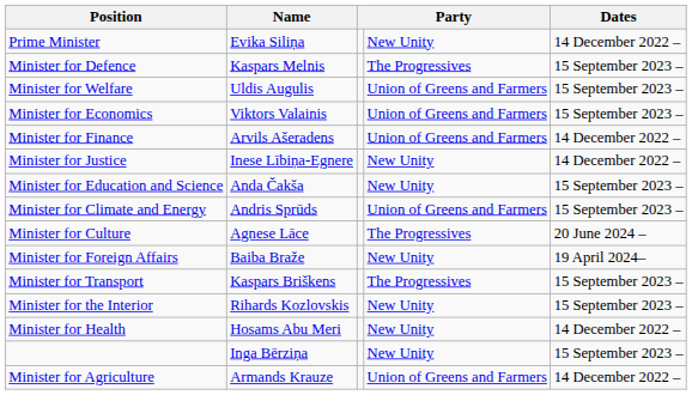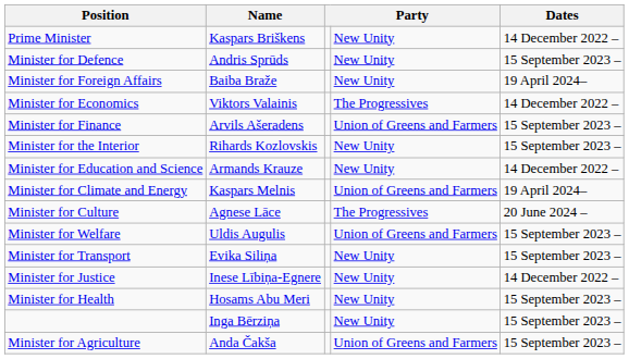 <table class="wikitable">
 <tr>
 <th>Position</th>
 <th>Name</th>
 <th colspan="2">Party</th>
 <th>Dates</th>
 </tr>
 <tr>
 <td><a href='#'>Prime Minister</a></td>
-<td><a href='#'>Evika Siliņa</a></td>
+<td><a href='#'>Kaspars Briškens</a></td>
 <td style="background-color: "></td>
 <td><a href='#'>New Unity</a></td>
 <td>14 December 2022 –</td>
 </tr>
 <tr>
 <td><a href='#'>Minister for Defence</a></td>
-<td><a href='#'>Kaspars Melnis</a></td>
-<td style="background-color: "></td>
-<td><a href='#'>The Progressives</a></td>
-<td>15 September 2023 –</td>
-</tr>
-<tr>
-<td><a href='#'>Minister for Welfare</a></td>
-<td><a href='#'>Uldis Augulis</a></td>
-<td style="background-color: "></td>
-<td><a href='#'>Union of Greens and Farmers</a></td>
-<td>15 September 2023 –</td>
-</tr>
-<tr>
-<td><a href='#'>Minister for Economics</a></td>
-<td><a href='#'>Viktors Valainis</a></td>
-<td style="background-color: "></td>
-<td><a href='#'>Union of Greens and Farmers</a></td>
-<td>15 September 2023 –</td>
-</tr>
-<tr>
-<td><a href='#'>Minister for Finance</a></td>
-<td><a href='#'>Arvils Ašeradens</a></td>
-<td style="background-color: "></td>
-<td><a href='#'>Union of Greens and Farmers</a></td>
-<td>14 December 2022 –</td>
-</tr>
-<tr>
-<td><a href='#'>Minister for Justice</a></td>
-<td><a href='#'>Inese Lībiņa-Egnere</a></td>
-<td style="background-color: "></td>
-<td><a href='#'>New Unity</a></td>
-<td>14 December 2022 –</td>
-</tr>
-<tr>
-<td><a href='#'>Minister for Education and Science</a></td>
-<td><a href='#'>Anda Čakša</a></td>
+<td><a href='#'>Andris Sprūds</a></td>
 <td style="background-color: "></td>
 <td><a href='#'>New Unity</a></td>
 <td>15 September 2023 –</td>
-</tr>
-<tr>
-<td><a href='#'>Minister for Climate and Energy</a></td>
-<td><a href='#'>Andris Sprūds</a></td>
-<td style="background-color: "></td>
-<td><a href='#'>Union of Greens and Farmers</a></td>
-<td>15 September 2023 –</td>
-</tr>
-<tr>
-<td><a href='#'>Minister for Culture</a></td>
-<td><a href='#'>Agnese Lāce</a></td>
-<td style="background-color: "></td>
-<td><a href='#'>The Progressives</a></td>
-<td>20 June 2024 –</td>
 </tr>
 <tr>
 <td><a href='#'>Minister for Foreign Affairs</a></td>
 <td><a href='#'>Baiba Braže</a></td>
 <td style="background-color: "></td>
 <td><a href='#'>New Unity</a></td>
 <td>19 April 2024–</td>
 </tr>
 <tr>
-<td><a href='#'>Minister for Transport</a></td>
-<td><a href='#'>Kaspars Briškens</a></td>
+<td><a href='#'>Minister for Economics</a></td>
+<td><a href='#'>Viktors Valainis</a></td>
 <td style="background-color: "></td>
 <td><a href='#'>The Progressives</a></td>
+<td>14 December 2022 –</td>
+</tr>
+<tr>
+<td><a href='#'>Minister for Finance</a></td>
+<td><a href='#'>Arvils Ašeradens</a></td>
+<td style="background-color: "></td>
+<td><a href='#'>Union of Greens and Farmers</a></td>
 <td>15 September 2023 –</td>
 </tr>
 <tr>
 <td><a href='#'>Minister for the Interior</a></td>
 <td><a href='#'>Rihards Kozlovskis</a></td>
 <td style="background-color: "></td>
 <td><a href='#'>New Unity</a></td>
 <td>15 September 2023 –</td>
 </tr>
 <tr>
+<td><a href='#'>Minister for Education and Science</a></td>
+<td><a href='#'>Armands Krauze</a></td>
+<td style="background-color: "></td>
+<td><a href='#'>New Unity</a></td>
+<td>14 December 2022 –</td>
+</tr>
+<tr>
+<td><a href='#'>Minister for Climate and Energy</a></td>
+<td><a href='#'>Kaspars Melnis</a></td>
+<td style="background-color: "></td>
+<td><a href='#'>Union of Greens and Farmers</a></td>
+<td>19 April 2024–</td>
+</tr>
+<tr>
+<td><a href='#'>Minister for Culture</a></td>
+<td><a href='#'>Agnese Lāce</a></td>
+<td style="background-color: "></td>
+<td><a href='#'>The Progressives</a></td>
+<td>20 June 2024 –</td>
+</tr>
+<tr>
+<td><a href='#'>Minister for Welfare</a></td>
+<td><a href='#'>Uldis Augulis</a></td>
+<td style="background-color: "></td>
+<td><a href='#'>Union of Greens and Farmers</a></td>
+<td>15 September 2023 –</td>
+</tr>
+<tr>
+<td><a href='#'>Minister for Transport</a></td>
+<td><a href='#'>Evika Siliņa</a></td>
+<td style="background-color: "></td>
+<td><a href='#'>New Unity</a></td>
+<td>15 September 2023 –</td>
+</tr>
+<tr>
+<td><a href='#'>Minister for Justice</a></td>
+<td><a href='#'>Inese Lībiņa-Egnere</a></td>
+<td style="background-color: "></td>
+<td><a href='#'>New Unity</a></td>
+<td>14 December 2022 –</td>
+</tr>
+<tr>
 <td><a href='#'>Minister for Health</a></td>
 <td><a href='#'>Hosams Abu Meri</a></td>
 <td style="background-color: "></td>
 <td><a href='#'>New Unity</a></td>
-<td>14 December 2022 –</td>
+<td>15 September 2023 –</td>
 </tr>
 <tr>
 <td></td>
 <td><a href='#'>Inga Bērziņa</a></td>
 <td style="background-color: "></td>
 <td><a href='#'>New Unity</a></td>
 <td>15 September 2023 –</td>
 </tr>
 <tr>
 <td><a href='#'>Minister for Agriculture</a></td>
-<td><a href='#'>Armands Krauze</a></td>
+<td><a href='#'>Anda Čakša</a></td>
 <td style="background-color: "></td>
 <td><a href='#'>Union of Greens and Farmers</a></td>
-<td>14 December 2022 –</td>
+<td>15 September 2023 –</td>
 </tr>
 </table>
